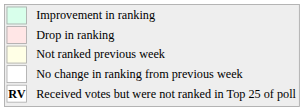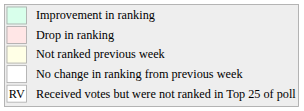 <table style="font-size:90%; border:1px solid #aaa; white-space:nowrap; background:#eee;">
 <tr>
 <td style="background:#d8ffeb; width:20px; border:1px solid #aaa;"> </td>
 <td rowspan=5> </td>
 <td>Improvement in ranking</td>
 </tr>
 <tr>
 <td style="background:#ffe6e6; width:20px; border:1px solid #aaa;"> </td>
 <td>Drop in ranking</td>
 </tr>
 <tr>
 <td style="background:#ffffe6; width:20px; border:1px solid #aaa;"> </td>
 <td>Not ranked previous week</td>
 </tr>
 <tr>
 <td style="background:#fff; width:20px; border:1px solid #aaa;"> </td>
 <td>No change in ranking from previous week</td>
 </tr>
 <tr>
-<td style="text-align:center; width:20px; border:1px solid #aaa; background:white;"><strong>RV</strong></td>
+<td style="text-align:center; width:20px; border:1px solid #aaa; background:white;">RV</td>
 <td>Received votes but were not ranked in Top 25 of poll</td>
 </tr>
 <tr>
 </tr>
 </table>
